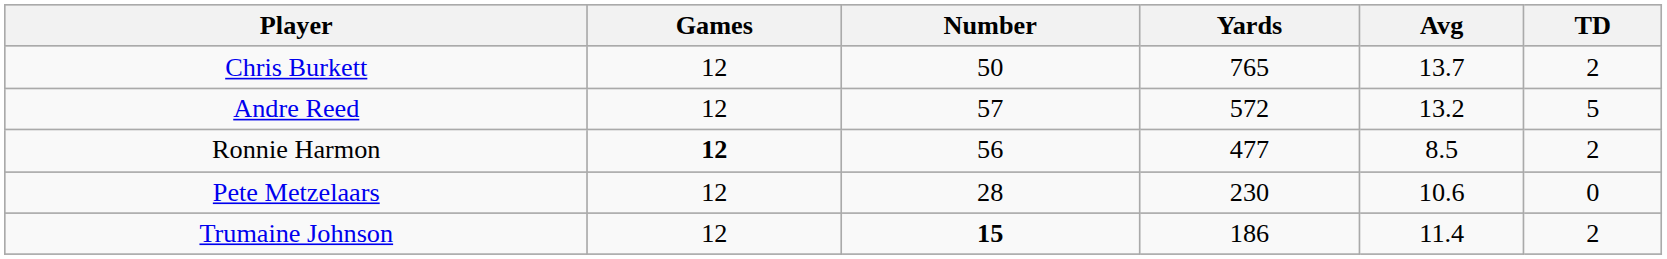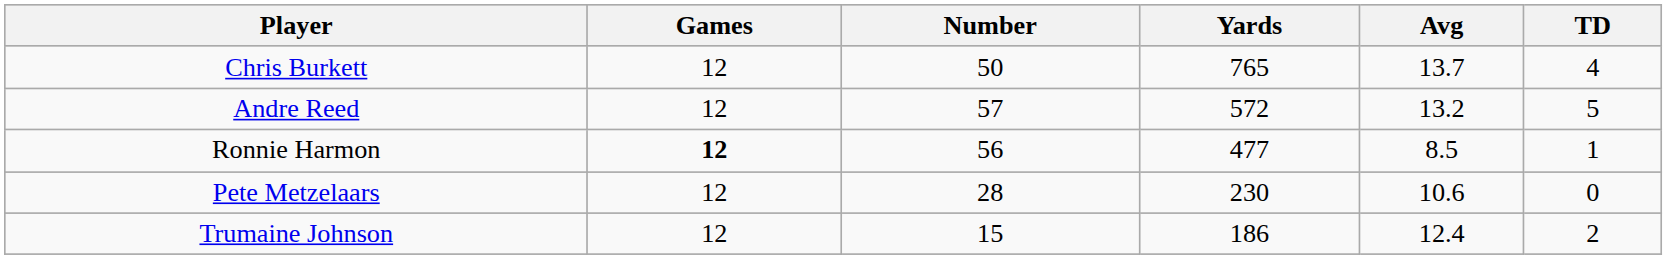 <table class="wikitable" style="width:80%;">
 <tr>
 <th>Player</th>
 <th>Games</th>
 <th>Number</th>
 <th>Yards</th>
 <th>Avg</th>
 <th>TD</th>
 </tr>
 <tr style="text-align:center;" bgcolor="">
 <td><a href='#'>Chris Burkett</a></td>
 <td>12</td>
 <td>50</td>
 <td>765</td>
 <td>13.7</td>
-<td>2</td>
+<td>4</td>
 </tr>
 <tr style="text-align:center;" bgcolor="">
 <td><a href='#'>Andre Reed</a></td>
 <td>12</td>
 <td>57</td>
 <td>572</td>
 <td>13.2</td>
 <td>5</td>
 </tr>
 <tr style="text-align:center;" bgcolor="">
 <td>Ronnie Harmon</td>
 <td><strong>12</strong></td>
 <td>56</td>
 <td>477</td>
 <td>8.5</td>
-<td>2</td>
+<td>1</td>
 </tr>
 <tr style="text-align:center;" bgcolor="">
 <td><a href='#'>Pete Metzelaars</a></td>
 <td>12</td>
 <td>28</td>
 <td>230</td>
 <td>10.6</td>
 <td>0</td>
 </tr>
 <tr style="text-align:center;" bgcolor="">
 <td><a href='#'>Trumaine Johnson</a></td>
 <td>12</td>
-<td><strong>15</strong></td>
+<td>15</td>
 <td>186</td>
-<td>11.4</td>
+<td>12.4</td>
 <td>2</td>
 </tr>
 </table>
